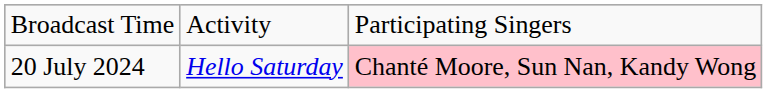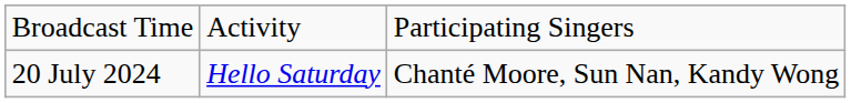 <table class="wikitable sortable">
 <tr>
 <td>Broadcast Time</td>
 <td>Activity</td>
 <td>Participating Singers</td>
 </tr>
 <tr>
 <td>20 July 2024</td>
 <td><em><a href='#'>Hello Saturday</a></em></td>
-<td style="background: pink;">Chanté Moore, Sun Nan, Kandy Wong</td>
+<td>Chanté Moore, Sun Nan, Kandy Wong</td>
 </tr>
 </table>
